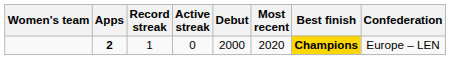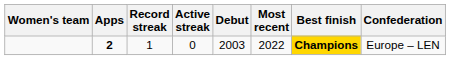 <table class="wikitable" style="text-align: center; font-size: 90%; margin-left: 1em;">
 <tr>
 <th>Women's team</th>
 <th>Apps</th>
 <th>Record<br>streak</th>
 <th>Active<br>streak</th>
 <th>Debut</th>
 <th>Most<br>recent</th>
 <th>Best finish</th>
 <th>Confederation</th>
 </tr>
 <tr>
 <td style="text-align: left;"></td>
 <td><strong>2</strong></td>
 <td>1</td>
 <td>0</td>
-<td>2000</td>
-<td>2020</td>
+<td>2003</td>
+<td>2022</td>
 <td style="background-color: gold;"><strong>Champions</strong></td>
 <td>Europe – LEN</td>
 </tr>
 </table>
